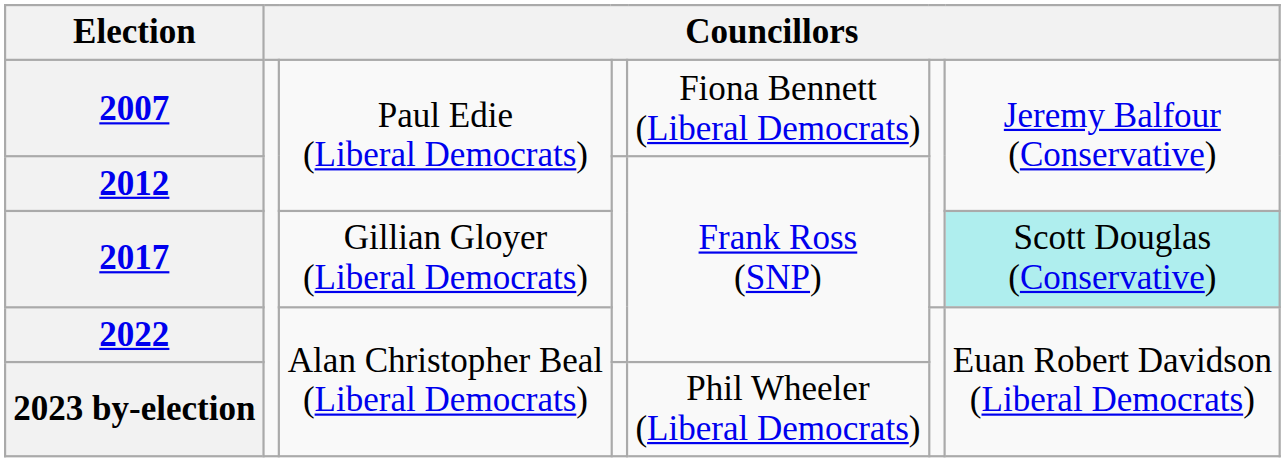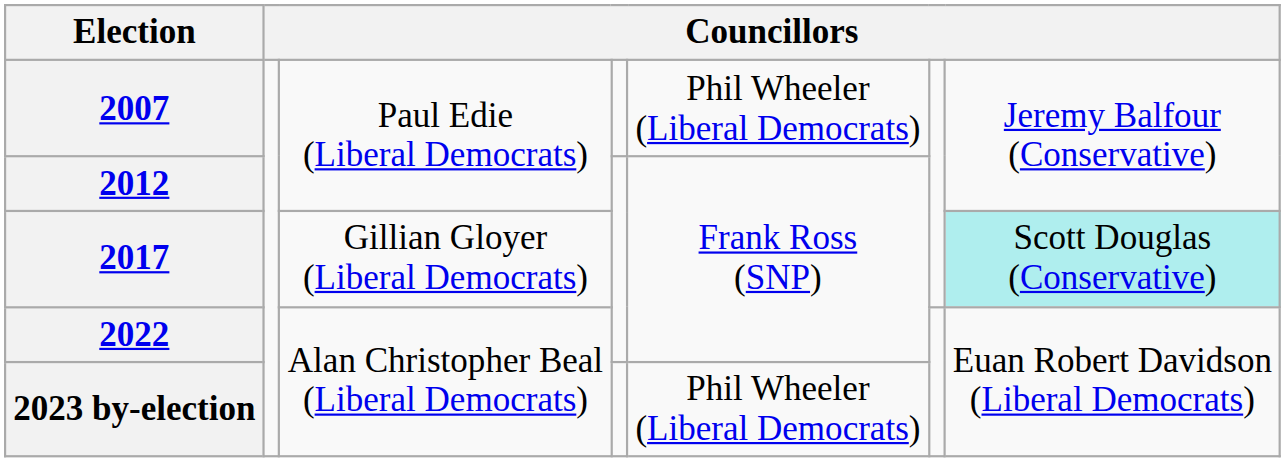 <table class="wikitable" style="text-align:center">
 <tr>
 <th>Election</th>
 <th colspan=8>Councillors</th>
 </tr>
 <tr>
 <th><a href='#'>2007</a></th>
 <td rowspan=5; style="background-color: "></td>
 <td rowspan=2>Paul Edie<br>(<a href='#'>Liberal Democrats</a>)</td>
 <td rowspan=1; style="background-color: "></td>
-<td rowspan=1>Fiona Bennett<br>(<a href='#'>Liberal Democrats</a>)</td>
+<td rowspan=1>Phil Wheeler<br>(<a href='#'>Liberal Democrats</a>)</td>
 <td rowspan=3; style="background-color: "></td>
 <td rowspan=2><a href='#'>Jeremy Balfour</a><br>(<a href='#'>Conservative</a>)</td>
 </tr>
 <tr>
 <th><a href='#'>2012</a></th>
 <td rowspan=3; style="background-color: "></td>
 <td rowspan=3><a href='#'>Frank Ross</a><br>(<a href='#'>SNP</a>)</td>
 </tr>
 <tr>
 <th><a href='#'>2017</a></th>
 <td rowspan=1>Gillian Gloyer<br>(<a href='#'>Liberal Democrats</a>)</td>
 <td rowspan=1 style="background: paleturquoise;">Scott Douglas<br>(<a href='#'>Conservative</a>)</td>
 </tr>
 <tr>
 <th><a href='#'>2022</a></th>
 <td rowspan=2>Alan Christopher Beal<br>(<a href='#'>Liberal Democrats</a>)</td>
 <td rowspan=2; style="background-color: "></td>
 <td rowspan=2>Euan Robert Davidson<br>(<a href='#'>Liberal Democrats</a>)</td>
 </tr>
 <tr>
 <th>2023 by-election</th>
 <td rowspan=1; style="background-color: "></td>
 <td rowspan=1>Phil Wheeler<br>(<a href='#'>Liberal Democrats</a>)</td>
 </tr>
 </table>
